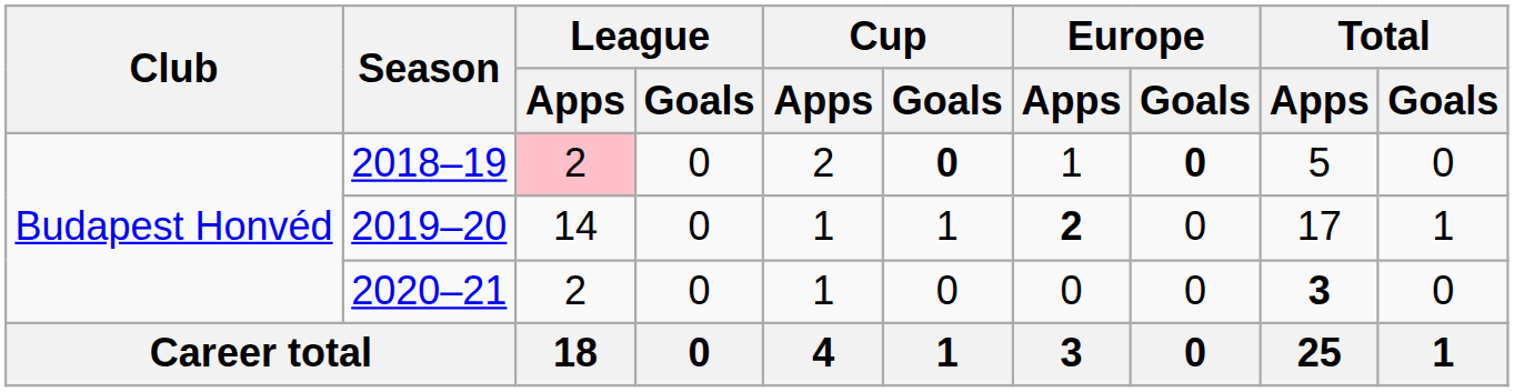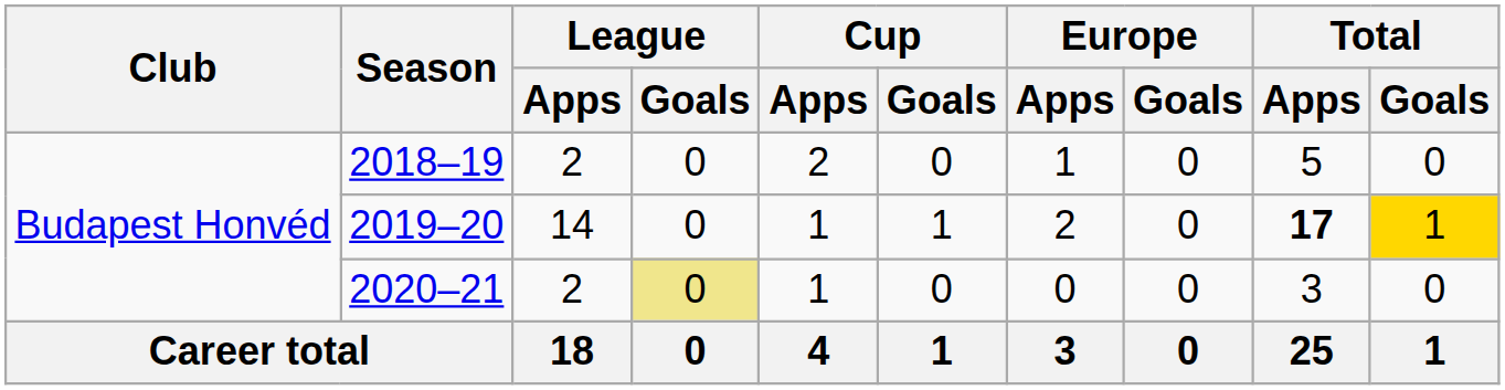 <table class="wikitable" style="text-align: center;">
 <tr>
 <th rowspan="2">Club</th>
 <th rowspan="2">Season</th>
 <th colspan="2">League</th>
 <th colspan="2">Cup</th>
 <th colspan="2">Europe</th>
 <th colspan="2">Total</th>
 </tr>
 <tr>
 <th>Apps</th>
 <th>Goals</th>
 <th>Apps</th>
 <th>Goals</th>
 <th>Apps</th>
 <th>Goals</th>
 <th>Apps</th>
 <th>Goals</th>
 </tr>
 <tr>
 <td rowspan="3"><a href='#'>Budapest Honvéd</a></td>
 <td><a href='#'>2018–19</a></td>
-<td style="background: pink;">2</td>
+<td>2</td>
 <td>0</td>
 <td>2</td>
-<td><strong>0</strong></td>
+<td>0</td>
 <td>1</td>
-<td><strong>0</strong></td>
+<td>0</td>
 <td>5</td>
 <td>0</td>
 </tr>
 <tr>
 <td><a href='#'>2019–20</a></td>
 <td>14</td>
 <td>0</td>
 <td>1</td>
 <td>1</td>
-<td><strong>2</strong></td>
+<td>2</td>
 <td>0</td>
-<td>17</td>
-<td>1</td>
+<td><strong>17</strong></td>
+<td style="background: gold;">1</td>
 </tr>
 <tr>
 <td><a href='#'>2020–21</a></td>
 <td>2</td>
-<td>0</td>
+<td style="background: khaki;">0</td>
 <td>1</td>
 <td>0</td>
 <td>0</td>
 <td>0</td>
-<td><strong>3</strong></td>
+<td>3</td>
 <td>0</td>
 </tr>
 <tr>
 <th colspan="2">Career total</th>
 <th>18</th>
 <th>0</th>
 <th>4</th>
 <th>1</th>
 <th>3</th>
 <th>0</th>
 <th>25</th>
 <th>1</th>
 </tr>
 </table>
